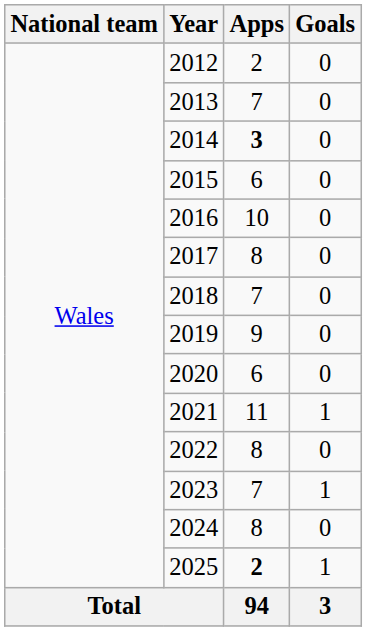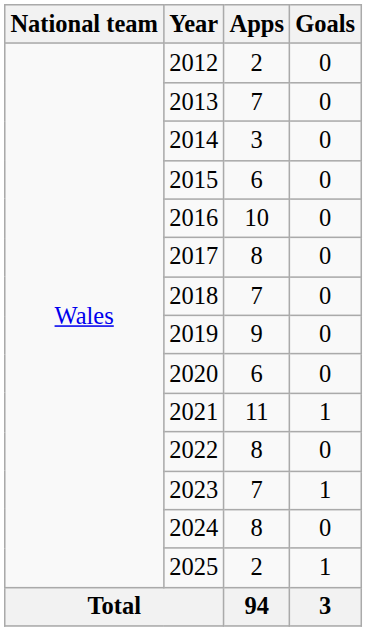 <table class=wikitable style=text-align:center>
 <tr>
 <th>National team</th>
 <th>Year</th>
 <th>Apps</th>
 <th>Goals</th>
 </tr>
 <tr>
 <td rowspan=14><a href='#'>Wales</a></td>
 <td>2012</td>
 <td>2</td>
 <td>0</td>
 </tr>
 <tr>
 <td>2013</td>
 <td>7</td>
 <td>0</td>
 </tr>
 <tr>
 <td>2014</td>
-<td><strong>3</strong></td>
+<td>3</td>
 <td>0</td>
 </tr>
 <tr>
 <td>2015</td>
 <td>6</td>
 <td>0</td>
 </tr>
 <tr>
 <td>2016</td>
 <td>10</td>
 <td>0</td>
 </tr>
 <tr>
 <td>2017</td>
 <td>8</td>
 <td>0</td>
 </tr>
 <tr>
 <td>2018</td>
 <td>7</td>
 <td>0</td>
 </tr>
 <tr>
 <td>2019</td>
 <td>9</td>
 <td>0</td>
 </tr>
 <tr>
 <td>2020</td>
 <td>6</td>
 <td>0</td>
 </tr>
 <tr>
 <td>2021</td>
 <td>11</td>
 <td>1</td>
 </tr>
 <tr>
 <td>2022</td>
 <td>8</td>
 <td>0</td>
 </tr>
 <tr>
 <td>2023</td>
 <td>7</td>
 <td>1</td>
 </tr>
 <tr>
 <td>2024</td>
 <td>8</td>
 <td>0</td>
 </tr>
 <tr>
 <td>2025</td>
-<td><strong>2</strong></td>
+<td>2</td>
 <td>1</td>
 </tr>
 <tr>
 <th colspan=2>Total</th>
 <th>94</th>
 <th>3</th>
 </tr>
 </table>
